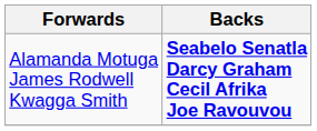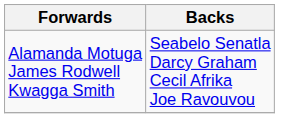 <table class=wikitable style="text-align: left;">
 <tr>
 <th align=center>Forwards</th>
 <th align=center>Backs</th>
 </tr>
 <tr>
 <td> <a href='#'>Alamanda Motuga</a> <br>  <a href='#'>James Rodwell</a> <br>  <a href='#'>Kwagga Smith</a></td>
-<td><strong> <a href='#'>Seabelo Senatla</a> <br>  <a href='#'>Darcy Graham</a> <br>  <a href='#'>Cecil Afrika</a> <br>  <a href='#'>Joe Ravouvou</a></strong></td>
+<td> <a href='#'>Seabelo Senatla</a> <br>  <a href='#'>Darcy Graham</a> <br>  <a href='#'>Cecil Afrika</a> <br>  <a href='#'>Joe Ravouvou</a></td>
 </tr>
 <tr>
 </tr>
 </table>
